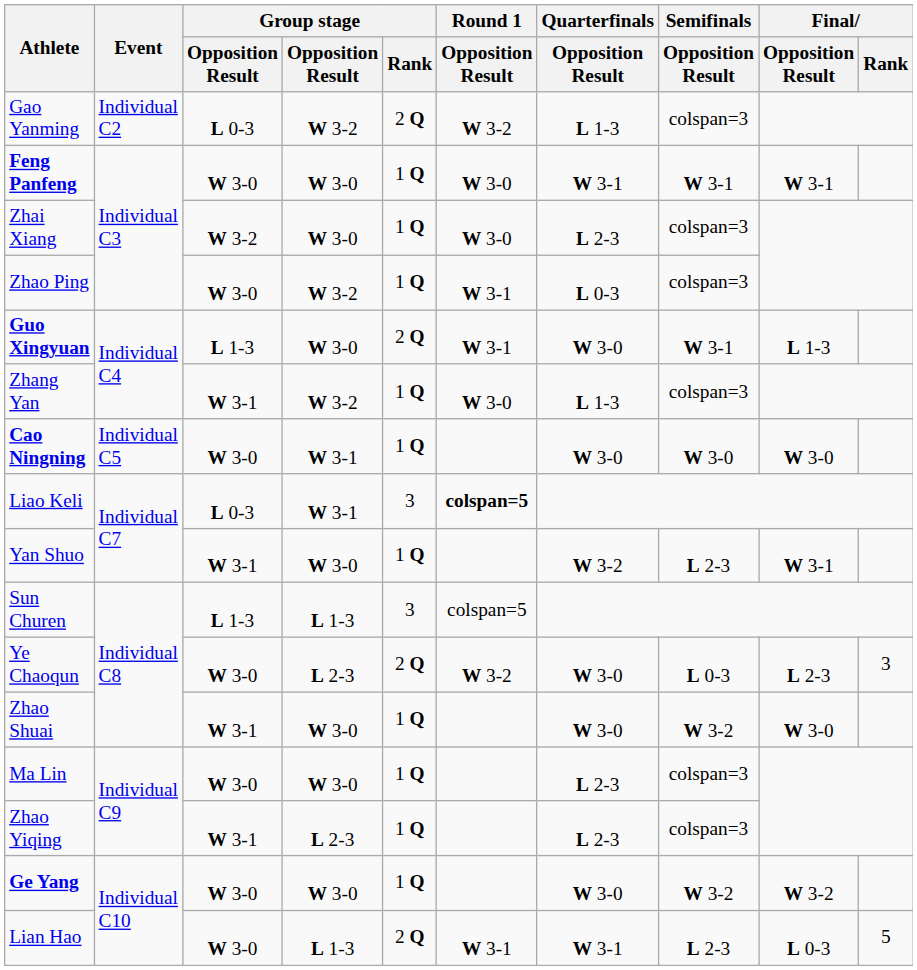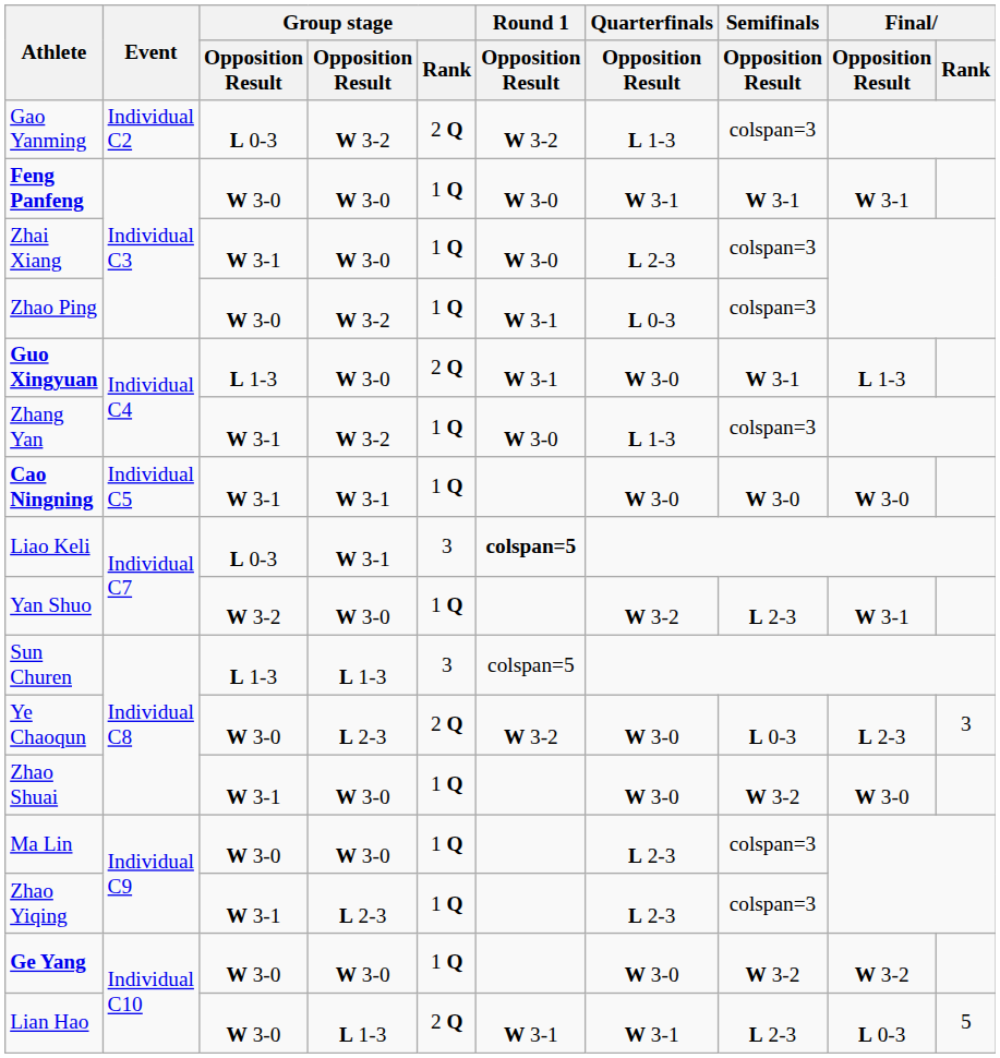 <table class=wikitable style="text-align: center; font-size:90%">
 <tr>
 <th rowspan="2">Athlete</th>
 <th rowspan="2">Event</th>
 <th colspan="3">Group stage</th>
 <th>Round 1</th>
 <th>Quarterfinals</th>
 <th>Semifinals</th>
 <th colspan="2">Final/</th>
 </tr>
 <tr>
 <th>Opposition<br>Result</th>
 <th>Opposition<br>Result</th>
 <th>Rank</th>
 <th>Opposition<br>Result</th>
 <th>Opposition<br>Result</th>
 <th>Opposition<br>Result</th>
 <th>Opposition<br>Result</th>
 <th>Rank</th>
 </tr>
 <tr>
 <td align=left><a href='#'>Gao Yanming</a></td>
 <td align=left><a href='#'>Individual C2</a></td>
 <td><br> <strong>L</strong> 0-3</td>
 <td><br><strong>W</strong> 3-2</td>
 <td>2 <strong>Q</strong></td>
 <td><br><strong>W</strong> 3-2</td>
 <td><br><strong>L</strong> 1-3</td>
 <td>colspan=3 </td>
 </tr>
 <tr>
 <td align=left><strong><a href='#'>Feng Panfeng</a></strong></td>
 <td align=left rowspan=3><a href='#'>Individual C3</a></td>
 <td><br><strong>W</strong> 3-0</td>
 <td><br><strong>W</strong> 3-0</td>
 <td>1 <strong>Q</strong></td>
 <td><br><strong>W</strong> 3-0</td>
 <td><br><strong>W</strong> 3-1</td>
 <td><br> <strong>W</strong> 3-1</td>
 <td><br> <strong>W</strong> 3-1</td>
 <td></td>
 </tr>
 <tr>
 <td align=left><a href='#'>Zhai Xiang</a></td>
-<td><br><strong>W</strong> 3-2</td>
+<td><br><strong>W</strong> 3-1</td>
 <td><br><strong>W</strong> 3-0</td>
 <td>1 <strong>Q</strong></td>
 <td><br><strong>W</strong> 3-0</td>
 <td><br><strong>L</strong> 2-3</td>
 <td>colspan=3 </td>
 </tr>
 <tr>
 <td align=left><a href='#'>Zhao Ping</a></td>
 <td><br><strong>W</strong> 3-0</td>
 <td><br><strong>W</strong> 3-2</td>
 <td>1 <strong>Q</strong></td>
 <td><br><strong>W</strong> 3-1</td>
 <td><br><strong>L</strong> 0-3</td>
 <td>colspan=3 </td>
 </tr>
 <tr>
 <td align=left><strong><a href='#'>Guo Xingyuan</a></strong></td>
 <td align=left rowspan=2><a href='#'>Individual C4</a></td>
 <td><br> <strong>L</strong> 1-3</td>
 <td><br><strong>W</strong> 3-0</td>
 <td>2 <strong>Q</strong></td>
 <td><br><strong>W</strong> 3-1</td>
 <td><br><strong>W</strong> 3-0</td>
 <td><br><strong>W</strong> 3-1</td>
 <td><br><strong>L</strong> 1-3</td>
 <td></td>
 </tr>
 <tr>
 <td align=left><a href='#'>Zhang Yan</a></td>
 <td><br><strong>W</strong> 3-1</td>
 <td><br><strong>W</strong> 3-2</td>
 <td>1 <strong>Q</strong></td>
 <td><br><strong>W</strong> 3-0</td>
 <td><br><strong>L</strong> 1-3</td>
 <td>colspan=3 </td>
 </tr>
 <tr>
 <td align=left><strong><a href='#'>Cao Ningning</a></strong></td>
 <td align=left><a href='#'>Individual C5</a></td>
-<td><br><strong>W</strong> 3-0</td>
+<td><br><strong>W</strong> 3-1</td>
 <td><br><strong>W</strong> 3-1</td>
 <td>1 <strong>Q</strong></td>
 <td></td>
 <td><br><strong>W</strong> 3-0</td>
 <td><br><strong>W</strong> 3-0</td>
 <td><br><strong>W</strong> 3-0</td>
 <td></td>
 </tr>
 <tr>
 <td align=left><a href='#'>Liao Keli</a></td>
 <td align=left rowspan=2><a href='#'>Individual C7</a></td>
 <td><br><strong>L</strong> 0-3</td>
 <td><br><strong>W</strong> 3-1</td>
 <td>3</td>
 <td><strong>colspan=5</strong></td>
 </tr>
 <tr>
 <td align=left><a href='#'>Yan Shuo</a></td>
-<td><br><strong>W</strong> 3-1</td>
+<td><br><strong>W</strong> 3-2</td>
 <td><br><strong>W</strong> 3-0</td>
 <td>1 <strong>Q</strong></td>
 <td></td>
 <td><br><strong>W</strong> 3-2</td>
 <td><br><strong>L</strong> 2-3</td>
 <td><br><strong>W</strong> 3-1</td>
 <td></td>
 </tr>
 <tr>
 <td align=left><a href='#'>Sun Churen</a></td>
 <td align=left rowspan=3><a href='#'>Individual C8</a></td>
 <td><br><strong>L</strong> 1-3</td>
 <td><br><strong>L</strong> 1-3</td>
 <td>3</td>
 <td>colspan=5</td>
 </tr>
 <tr>
 <td align=left><a href='#'>Ye Chaoqun</a></td>
 <td><br><strong>W</strong> 3-0</td>
 <td><br><strong>L</strong> 2-3</td>
 <td>2 <strong>Q</strong></td>
 <td><br><strong>W</strong> 3-2</td>
 <td><br><strong>W</strong> 3-0</td>
 <td><br><strong>L</strong> 0-3</td>
 <td><br><strong>L</strong> 2-3</td>
 <td>3</td>
 </tr>
 <tr>
 <td align=left><a href='#'>Zhao Shuai</a></td>
 <td><br><strong>W</strong> 3-1</td>
 <td><br><strong>W</strong> 3-0</td>
 <td>1 <strong>Q</strong></td>
 <td></td>
 <td><br><strong>W</strong> 3-0</td>
 <td><br><strong>W</strong> 3-2</td>
 <td><br><strong>W</strong> 3-0</td>
 <td></td>
 </tr>
 <tr>
 <td align=left><a href='#'>Ma Lin</a></td>
 <td align=left rowspan=2><a href='#'>Individual C9</a></td>
 <td><br><strong>W</strong> 3-0</td>
 <td><br><strong>W</strong> 3-0</td>
 <td>1 <strong>Q</strong></td>
 <td></td>
 <td><br><strong>L</strong> 2-3</td>
 <td>colspan=3 </td>
 </tr>
 <tr>
 <td align=left><a href='#'>Zhao Yiqing</a></td>
 <td><br><strong>W</strong> 3-1</td>
 <td><br><strong>L</strong> 2-3</td>
 <td>1 <strong>Q</strong></td>
 <td></td>
 <td><br><strong>L</strong> 2-3</td>
 <td>colspan=3 </td>
 </tr>
 <tr>
 <td align=left><strong><a href='#'>Ge Yang</a></strong></td>
 <td align=left rowspan=2><a href='#'>Individual C10</a></td>
 <td><br><strong>W</strong> 3-0</td>
 <td><br><strong>W</strong> 3-0</td>
 <td>1 <strong>Q</strong></td>
 <td></td>
 <td><br><strong>W</strong> 3-0</td>
 <td><br><strong>W</strong> 3-2</td>
 <td><br><strong>W</strong> 3-2</td>
 <td></td>
 </tr>
 <tr>
 <td align=left><a href='#'>Lian Hao</a></td>
 <td><br><strong>W</strong> 3-0</td>
 <td><br><strong>L</strong> 1-3</td>
 <td>2 <strong>Q</strong></td>
 <td><br><strong>W</strong> 3-1</td>
 <td><br><strong>W</strong> 3-1</td>
 <td><br><strong>L</strong> 2-3</td>
 <td><br><strong>L</strong> 0-3</td>
 <td>5</td>
 </tr>
 </table>
